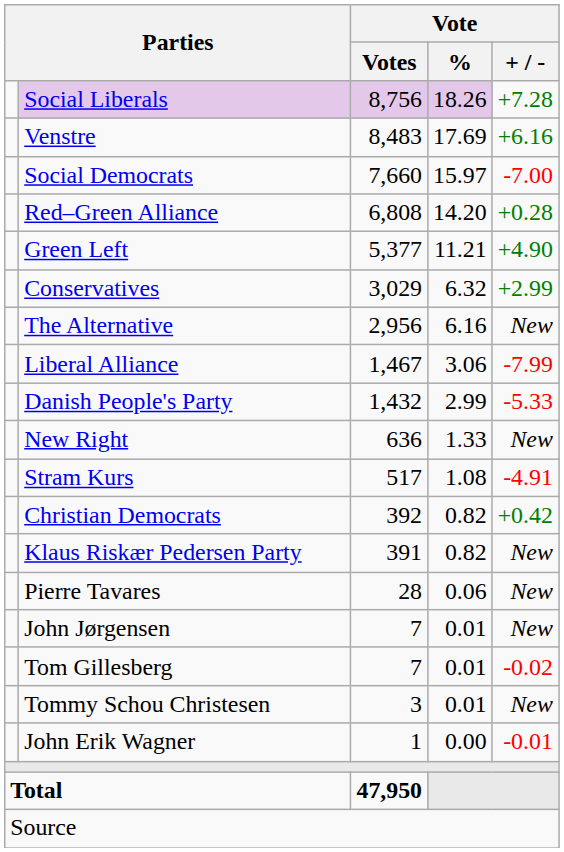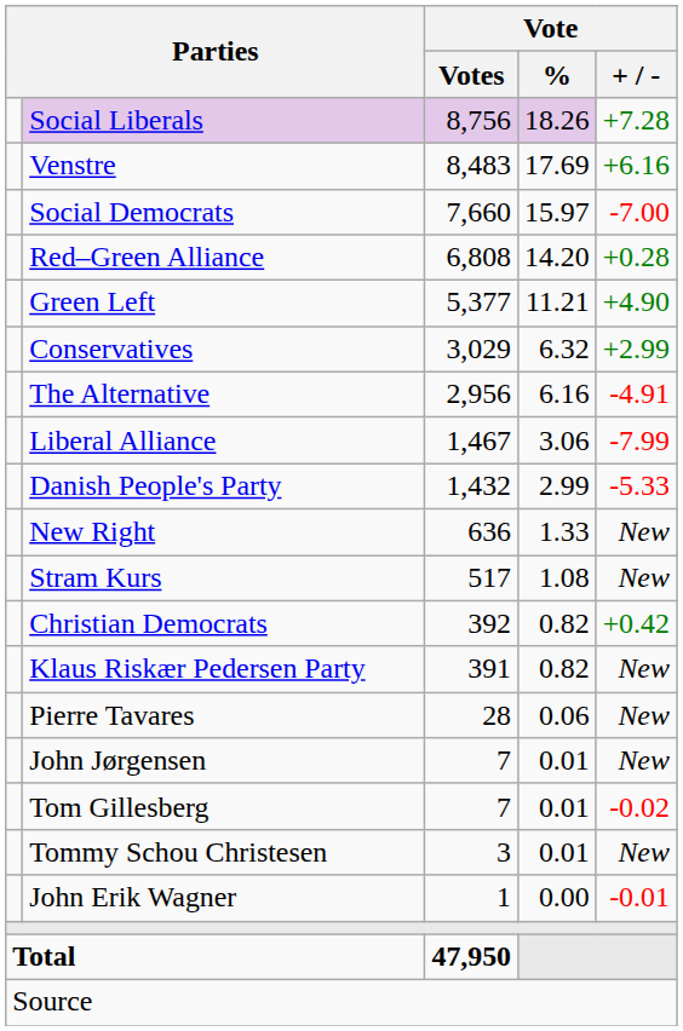 <table class="wikitable" style="text-align:right;">
 <tr>
 <th style="text-align:centre;" rowspan="2" colspan="2" width="225">Parties</th>
 <th colspan="3">Vote</th>
 </tr>
 <tr>
 <th width="15">Votes</th>
 <th width="15">%</th>
 <th width="15">+ / -</th>
 </tr>
 <tr>
 <td width="2" style="color:inherit;background:"></td>
 <td bgcolor=#e3c8e9  align="left"><a href='#'>Social Liberals</a></td>
 <td bgcolor=#e3c8e9>8,756</td>
 <td bgcolor=#e3c8e9>18.26</td>
 <td style=color:green;>+7.28</td>
 </tr>
 <tr>
 <td width="2" style="color:inherit;background:"></td>
 <td align="left"><a href='#'>Venstre</a></td>
 <td>8,483</td>
 <td>17.69</td>
 <td style=color:green;>+6.16</td>
 </tr>
 <tr>
 <td width="2" style="color:inherit;background:"></td>
 <td align="left"><a href='#'>Social Democrats</a></td>
 <td>7,660</td>
 <td>15.97</td>
 <td style=color:red;>-7.00</td>
 </tr>
 <tr>
 <td width="2" style="color:inherit;background:"></td>
 <td align="left"><a href='#'>Red–Green Alliance</a></td>
 <td>6,808</td>
 <td>14.20</td>
 <td style=color:green;>+0.28</td>
 </tr>
 <tr>
 <td width="2" style="color:inherit;background:"></td>
 <td align="left"><a href='#'>Green Left</a></td>
 <td>5,377</td>
 <td>11.21</td>
 <td style=color:green;>+4.90</td>
 </tr>
 <tr>
 <td width="2" style="color:inherit;background:"></td>
 <td align="left"><a href='#'>Conservatives</a></td>
 <td>3,029</td>
 <td>6.32</td>
 <td style=color:green;>+2.99</td>
 </tr>
 <tr>
 <td width="2" style="color:inherit;background:"></td>
 <td align="left"><a href='#'>The Alternative</a></td>
 <td>2,956</td>
 <td>6.16</td>
-<td><em>New</em></td>
+<td style=color:red;>-4.91</td>
 </tr>
 <tr>
 <td width="2" style="color:inherit;background:"></td>
 <td align="left"><a href='#'>Liberal Alliance</a></td>
 <td>1,467</td>
 <td>3.06</td>
 <td style=color:red;>-7.99</td>
 </tr>
 <tr>
 <td width="2" style="color:inherit;background:"></td>
 <td align="left"><a href='#'>Danish People's Party</a></td>
 <td>1,432</td>
 <td>2.99</td>
 <td style=color:red;>-5.33</td>
 </tr>
 <tr>
 <td width="2" style="color:inherit;background:"></td>
 <td align="left"><a href='#'>New Right</a></td>
 <td>636</td>
 <td>1.33</td>
 <td><em>New</em></td>
 </tr>
 <tr>
 <td width="2" style="color:inherit;background:"></td>
 <td align="left"><a href='#'>Stram Kurs</a></td>
 <td>517</td>
 <td>1.08</td>
-<td style=color:red;>-4.91</td>
+<td><em>New</em></td>
 </tr>
 <tr>
 <td width="2" style="color:inherit;background:"></td>
 <td align="left"><a href='#'>Christian Democrats</a></td>
 <td>392</td>
 <td>0.82</td>
 <td style=color:green;>+0.42</td>
 </tr>
 <tr>
 <td width="2" style="color:inherit;background:"></td>
 <td align="left"><a href='#'>Klaus Riskær Pedersen Party</a></td>
 <td>391</td>
 <td>0.82</td>
 <td><em>New</em></td>
 </tr>
 <tr>
 <td width="2" style="color:inherit;background:"></td>
 <td align="left">Pierre Tavares</td>
 <td>28</td>
 <td>0.06</td>
 <td><em>New</em></td>
 </tr>
 <tr>
 <td width="2" style="color:inherit;background:"></td>
 <td align="left">John Jørgensen</td>
 <td>7</td>
 <td>0.01</td>
 <td><em>New</em></td>
 </tr>
 <tr>
 <td width="2" style="color:inherit;background:"></td>
 <td align="left">Tom Gillesberg</td>
 <td>7</td>
 <td>0.01</td>
 <td style=color:red;>-0.02</td>
 </tr>
 <tr>
 <td width="2" style="color:inherit;background:"></td>
 <td align="left">Tommy Schou Christesen</td>
 <td>3</td>
 <td>0.01</td>
 <td><em>New</em></td>
 </tr>
 <tr>
 <td width="2" style="color:inherit;background:"></td>
 <td align="left">John Erik Wagner</td>
 <td>1</td>
 <td>0.00</td>
 <td style=color:red;>-0.01</td>
 </tr>
 <tr>
 <td colspan="7" bgcolor="#E9E9E9"></td>
 </tr>
 <tr>
 <td align="left" colspan="2"><strong>Total</strong></td>
 <td><strong>47,950</strong></td>
 <td bgcolor="#E9E9E9" colspan="2"></td>
 </tr>
 <tr>
 <td align="left" colspan="6">Source</td>
 </tr>
 </table>
